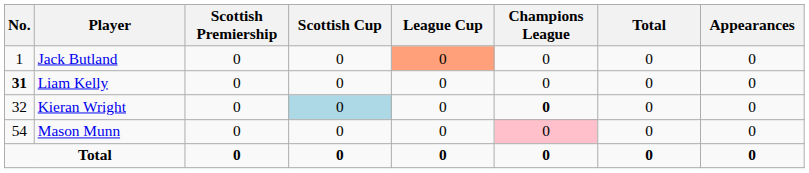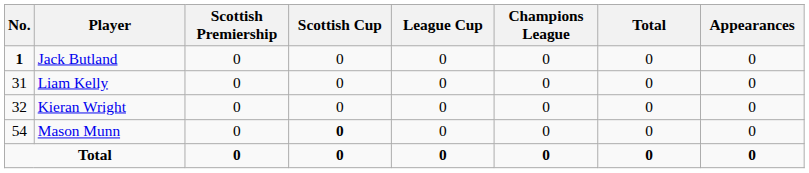 <table class="wikitable sortable alternance" ; style="text-align:center; ">
 <tr>
 <th width=10>No.</th>
 <th width=150>Player</th>
 <th width=100>Scottish Premiership</th>
 <th width=100>Scottish Cup</th>
 <th width=100>League Cup</th>
 <th width=100>Champions League</th>
 <th width=100>Total</th>
 <th width=100>Appearances</th>
 </tr>
 <tr>
-<td>1</td>
+<td><strong>1</strong></td>
 <td align=left><a href='#'>Jack Butland</a></td>
 <td>0</td>
 <td>0</td>
-<td style="background: lightsalmon;">0</td>
+<td>0</td>
 <td>0</td>
 <td>0</td>
 <td>0</td>
 </tr>
 <tr>
-<td><strong>31</strong></td>
+<td>31</td>
 <td align=left><a href='#'>Liam Kelly</a></td>
 <td>0</td>
 <td>0</td>
 <td>0</td>
 <td>0</td>
 <td>0</td>
 <td>0</td>
 </tr>
 <tr>
 <td>32</td>
 <td align=left><a href='#'>Kieran Wright</a></td>
 <td>0</td>
-<td style="background: lightblue;">0</td>
 <td>0</td>
-<td><strong>0</strong></td>
+<td>0</td>
+<td>0</td>
 <td>0</td>
 <td>0</td>
 </tr>
 <tr>
 <td>54</td>
 <td align=left><a href='#'>Mason Munn</a></td>
 <td>0</td>
+<td><strong>0</strong></td>
 <td>0</td>
 <td>0</td>
-<td style="background: pink;">0</td>
 <td>0</td>
 <td>0</td>
 </tr>
 <tr class="sortbottom">
 <td colspan=2><strong>Total</strong></td>
 <td><strong>0</strong></td>
 <td><strong>0</strong></td>
 <td><strong>0</strong></td>
 <td><strong>0</strong></td>
 <td><strong>0</strong></td>
 <td><strong>0</strong></td>
 </tr>
 </table>
